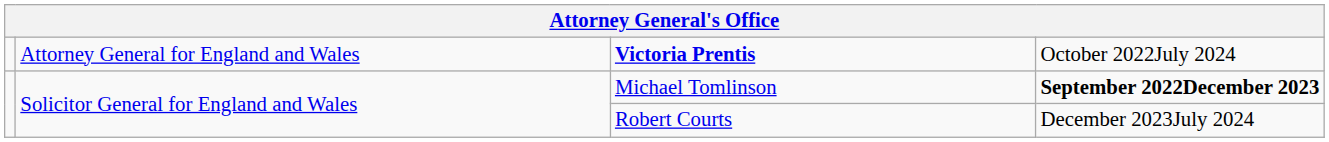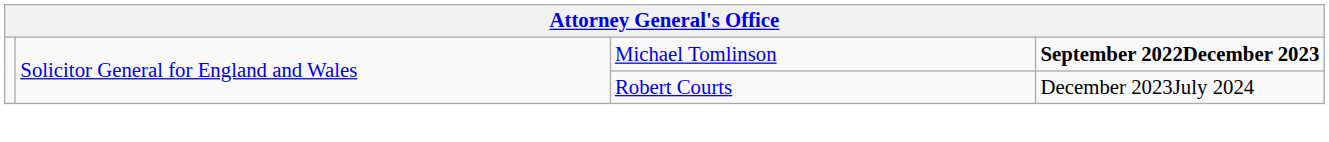 <table class="wikitable">
 <tr>
 <th colspan="4"><a href='#'>Attorney General's Office</a></th>
-</tr>
-<tr>
-<td rowspan="1" style="width: 1px; background: "></td>
-<td rowspan="1" style="width: 450px;"><a href='#'>Attorney General for England and Wales</a></td>
-<td style="width: 320px;"><strong><a href='#'>Victoria Prentis</a></strong></td>
-<td>October 2022July 2024</td>
 </tr>
 <tr>
 <td rowspan=2 style="width: 1px; background: "></td>
 <td rowspan=2 style="width: 450px;"><a href='#'>Solicitor General for England and Wales</a></td>
 <td style="width: 320px;"><a href='#'>Michael Tomlinson</a></td>
 <td><strong>September 2022December 2023</strong></td>
 </tr>
 <tr>
 <td style="width: 320px;"><a href='#'>Robert Courts</a></td>
 <td>December 2023July 2024</td>
 </tr>
 </table>
